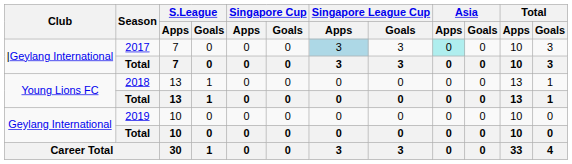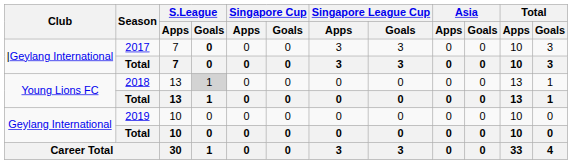 <table style="text-align:center" class="wikitable">
 <tr>
 <th rowspan="2">Club</th>
 <th rowspan="2">Season</th>
 <th colspan="2"><a href='#'>S.League</a></th>
 <th colspan="2"><a href='#'>Singapore Cup</a></th>
 <th colspan="2"><a href='#'>Singapore League Cup</a></th>
 <th colspan="2"><a href='#'>Asia</a></th>
 <th colspan="2">Total</th>
 </tr>
 <tr>
 <th>Apps</th>
 <th>Goals</th>
 <th>Apps</th>
 <th>Goals</th>
 <th>Apps</th>
 <th>Goals</th>
 <th>Apps</th>
 <th>Goals</th>
 <th>Apps</th>
 <th>Goals</th>
 </tr>
 <tr>
 <td rowspan="2">|<a href='#'>Geylang International</a></td>
 <td><a href='#'>2017</a></td>
 <td>7</td>
+<td><strong>0</strong></td>
 <td>0</td>
 <td>0</td>
+<td>3</td>
+<td>3</td>
 <td>0</td>
-<td style="background: lightblue;">3</td>
-<td>3</td>
-<td style="background: paleturquoise;">0</td>
 <td>0</td>
 <td>10</td>
 <td>3</td>
 </tr>
 <tr>
 <th>Total</th>
 <th>7</th>
 <th>0</th>
 <th>0</th>
 <th>0</th>
 <th>3</th>
 <th>3</th>
 <th>0</th>
 <th>0</th>
 <th>10</th>
 <th>3</th>
 </tr>
 <tr>
 <td rowspan="2"><a href='#'>Young Lions FC</a></td>
 <td><a href='#'>2018</a></td>
 <td>13</td>
-<td>1</td>
+<td style="background: lightgrey;">1</td>
 <td>0</td>
 <td>0</td>
 <td>0</td>
 <td>0</td>
 <td>0</td>
 <td>0</td>
 <td>13</td>
 <td>1</td>
 </tr>
 <tr>
 <th>Total</th>
 <th>13</th>
 <th>1</th>
 <th>0</th>
 <th>0</th>
 <th>0</th>
 <th>0</th>
 <th>0</th>
 <th>0</th>
 <th>13</th>
 <th>1</th>
 </tr>
 <tr>
 <td rowspan="2"><a href='#'>Geylang International</a></td>
 <td><a href='#'>2019</a></td>
 <td>10</td>
 <td>0</td>
 <td>0</td>
 <td>0</td>
 <td>0</td>
 <td>0</td>
 <td>0</td>
 <td>0</td>
 <td>10</td>
 <td>0</td>
 </tr>
 <tr>
 <th>Total</th>
 <th>10</th>
 <th>0</th>
 <th>0</th>
 <th>0</th>
 <th>0</th>
 <th>0</th>
 <th>0</th>
 <th>0</th>
 <th>10</th>
 <th>0</th>
 </tr>
 <tr>
 <th colspan="2">Career Total</th>
 <th>30</th>
 <th>1</th>
 <th>0</th>
 <th>0</th>
 <th>3</th>
 <th>3</th>
 <th>0</th>
 <th>0</th>
 <th>33</th>
 <th>4</th>
 </tr>
 </table>
